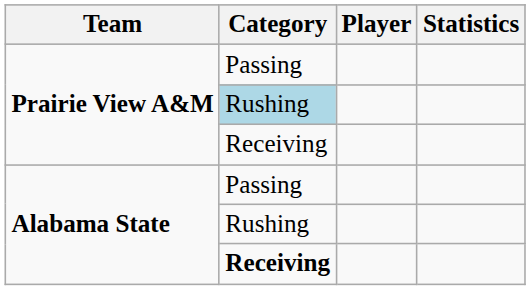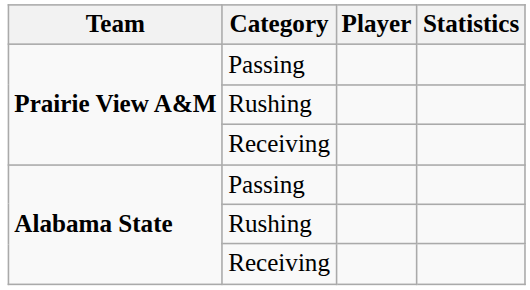 <table class="wikitable" style="float: right;">
 <tr>
 <th>Team</th>
 <th>Category</th>
 <th>Player</th>
 <th>Statistics</th>
 </tr>
 <tr>
 <td rowspan=3><strong>Prairie View A&M</strong></td>
 <td>Passing</td>
 <td></td>
 <td></td>
 </tr>
 <tr>
-<td style="background: lightblue;">Rushing</td>
+<td>Rushing</td>
 <td></td>
 <td></td>
 </tr>
 <tr>
 <td>Receiving</td>
 <td></td>
 <td></td>
 </tr>
 <tr>
 <td rowspan=3><strong>Alabama State</strong></td>
 <td>Passing</td>
 <td></td>
 <td></td>
 </tr>
 <tr>
 <td>Rushing</td>
 <td></td>
 <td></td>
 </tr>
 <tr>
-<td><strong>Receiving</strong></td>
+<td>Receiving</td>
 <td></td>
 <td></td>
 </tr>
 </table>
